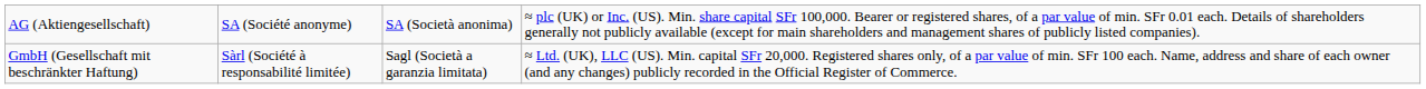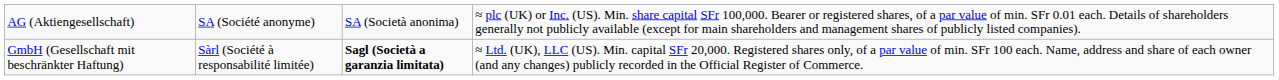 <table class ="wikitable">
 <tr>
 <td><a href='#'>AG</a> (Aktiengesellschaft)</td>
 <td><a href='#'>SA</a> (Société anonyme)</td>
 <td><a href='#'>SA</a> (Società anonima)</td>
 <td>≈ <a href='#'>plc</a> (UK) or <a href='#'>Inc.</a> (US). Min. <a href='#'>share capital</a> <a href='#'>SFr</a> 100,000. Bearer or registered shares, of a <a href='#'>par value</a> of min. SFr 0.01 each. Details of shareholders generally not publicly available (except for main shareholders and management shares of publicly listed companies).</td>
 </tr>
 <tr>
 <td><a href='#'>GmbH</a> (Gesellschaft mit beschränkter Haftung)</td>
 <td><a href='#'>Sàrl</a> (Société à responsabilité limitée)</td>
-<td>Sagl (Società a garanzia limitata)</td>
+<td><strong>Sagl (Società a garanzia limitata)</strong></td>
 <td>≈ <a href='#'>Ltd.</a> (UK), <a href='#'>LLC</a> (US). Min. capital <a href='#'>SFr</a> 20,000. Registered shares only, of a <a href='#'>par value</a> of min. SFr 100 each. Name, address and share of each owner (and any changes) publicly recorded in the Official Register of Commerce.</td>
 </tr>
 </table>
